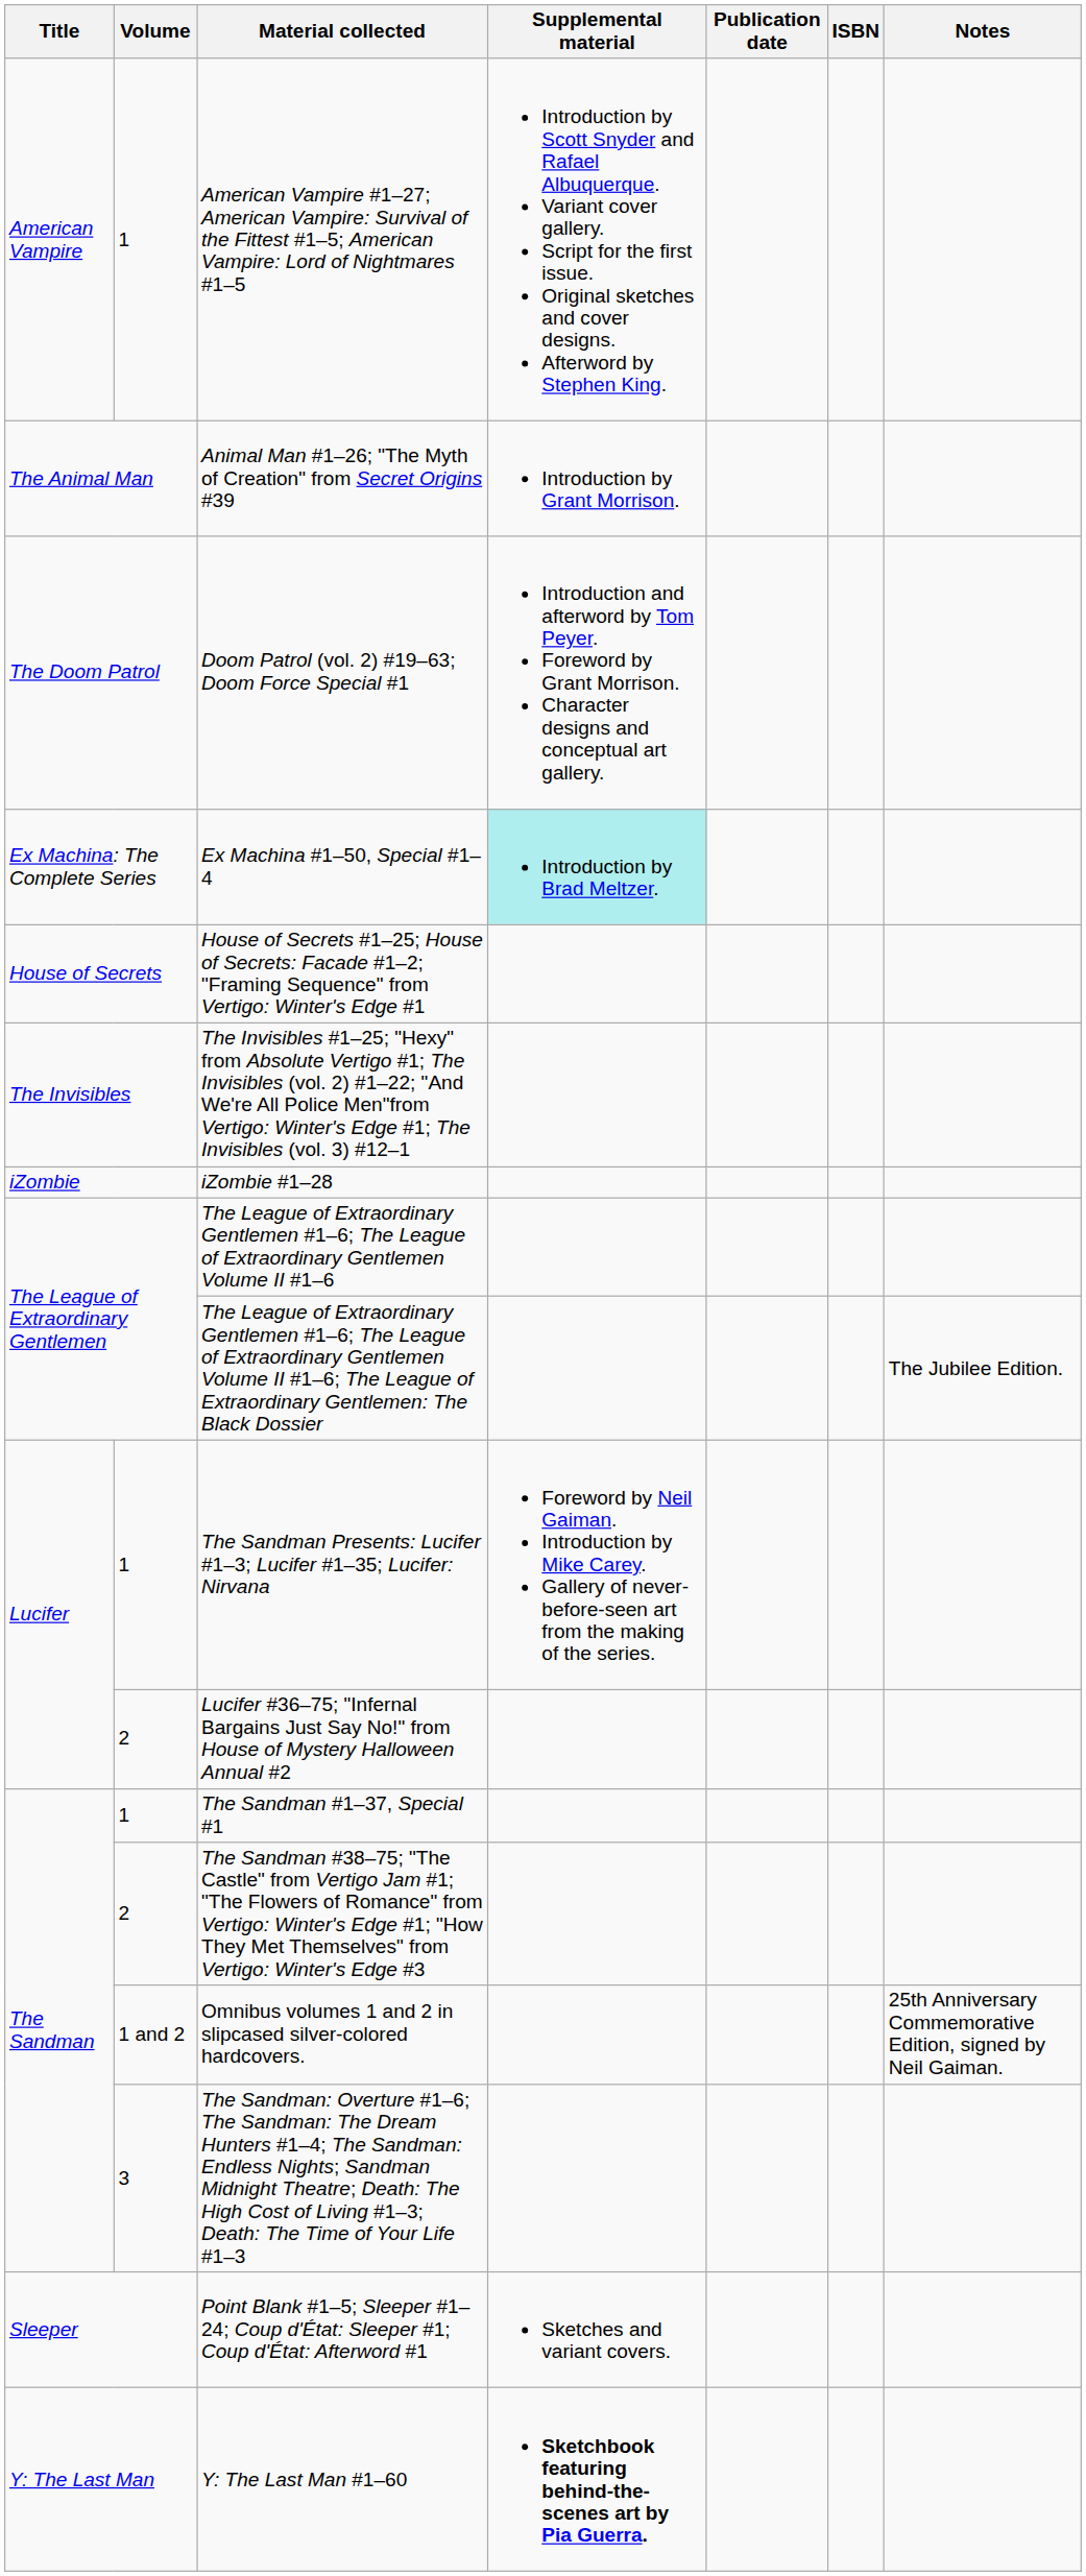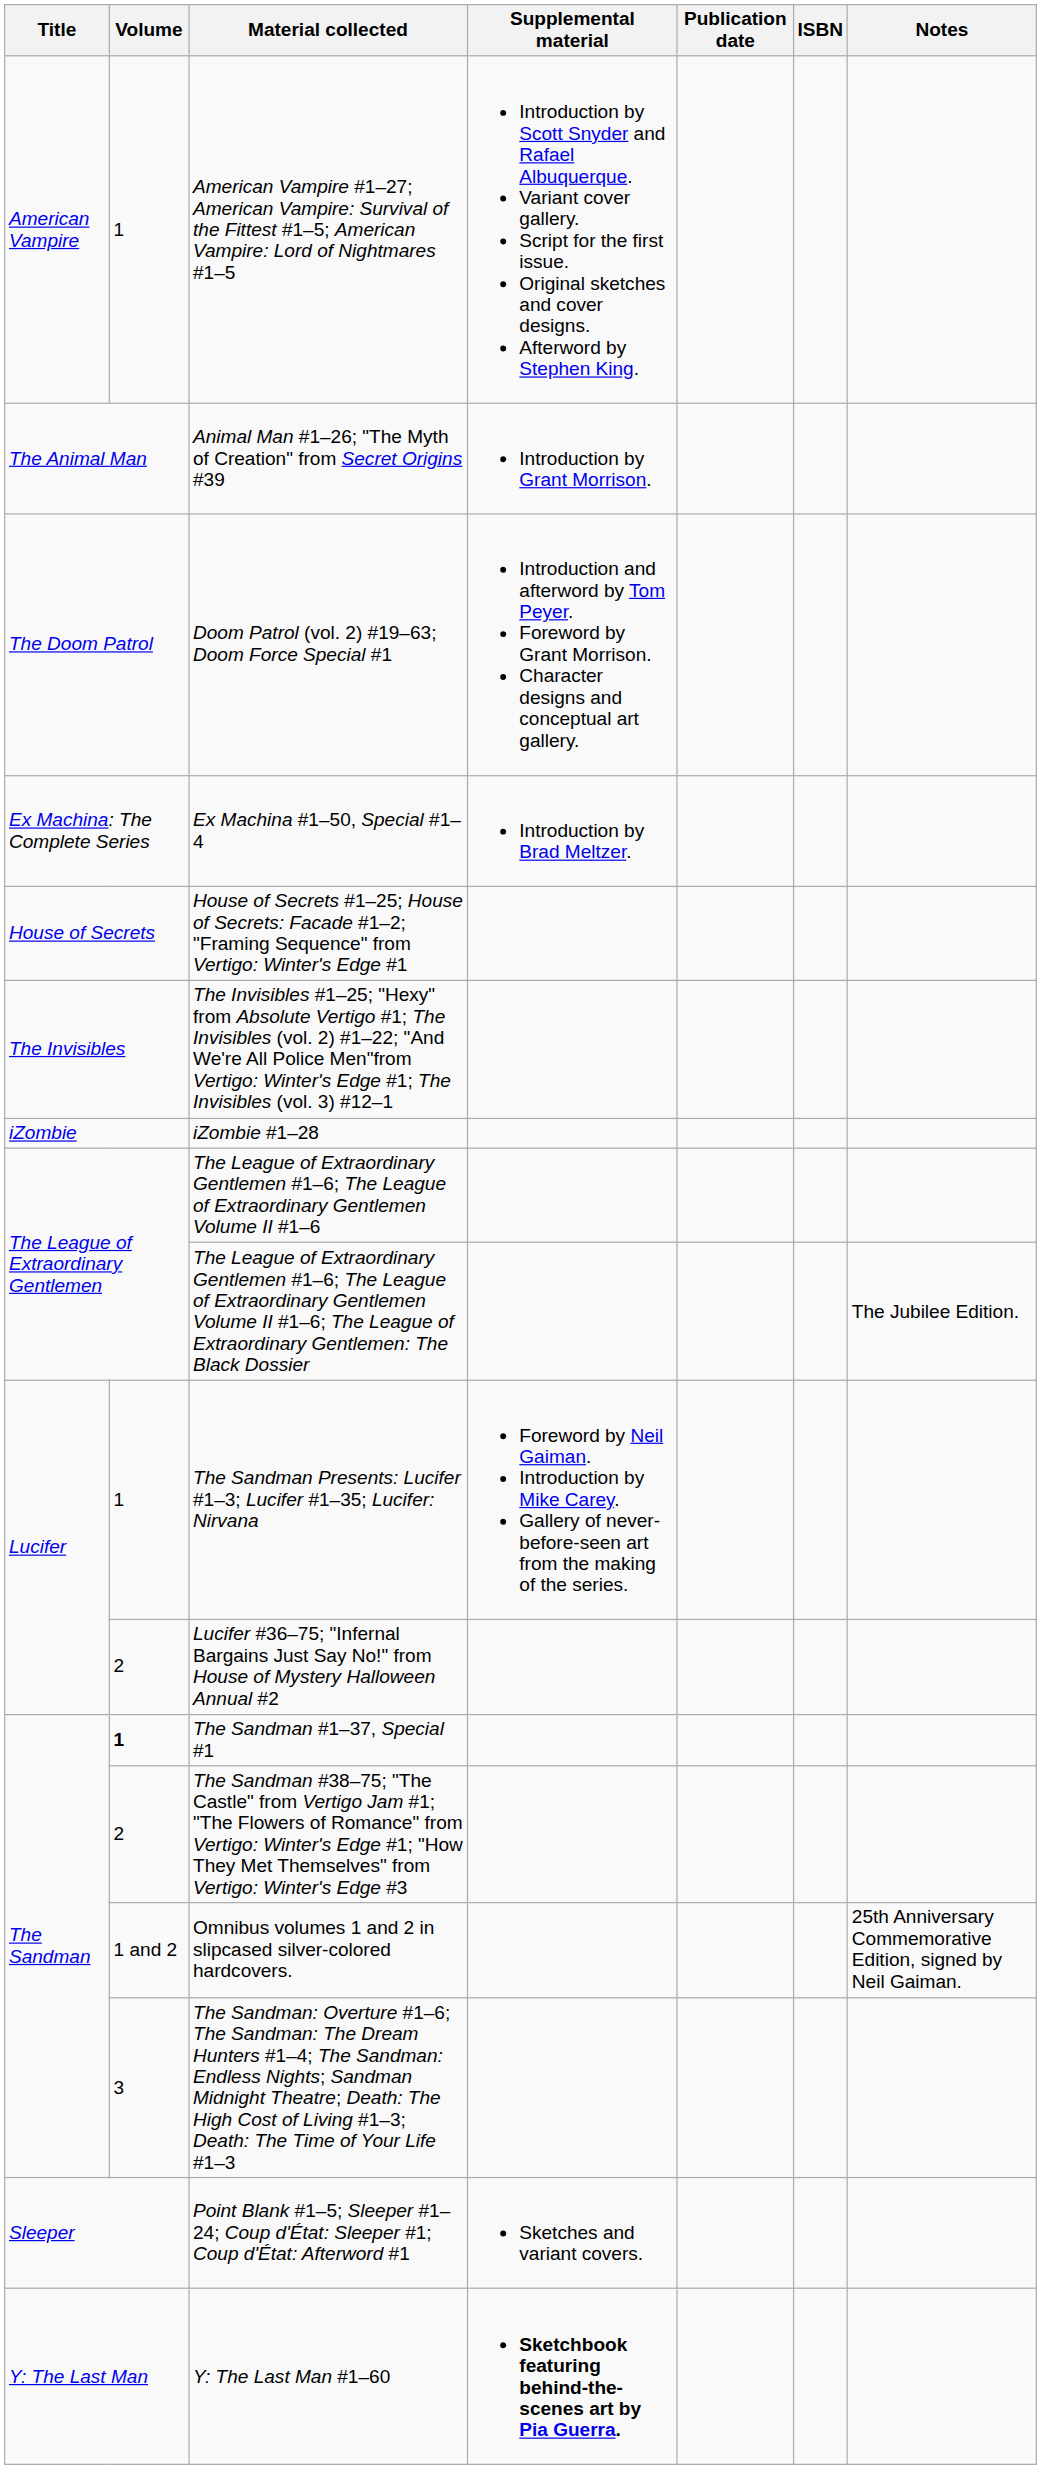 <table class="wikitable">
 <tr>
 <th>Title</th>
 <th>Volume</th>
 <th>Material collected</th>
 <th>Supplemental material</th>
 <th>Publication date</th>
 <th>ISBN</th>
 <th>Notes</th>
 </tr>
 <tr>
 <td><em><a href='#'>American Vampire</a></em></td>
 <td>1</td>
 <td><em>American Vampire</em> #1–27; <em>American Vampire: Survival of the Fittest</em> #1–5; <em>American Vampire: Lord of Nightmares</em> #1–5</td>
 <td><br><ul><li>Introduction by <a href='#'>Scott Snyder</a> and <a href='#'>Rafael Albuquerque</a>.</li><li>Variant cover gallery.</li><li>Script for the first issue.</li><li>Original sketches and cover designs.</li><li>Afterword by <a href='#'>Stephen King</a>.</li></ul></td>
 <td></td>
 <td></td>
 <td></td>
 </tr>
 <tr>
 <td colspan="2"><em><a href='#'>The Animal Man</a></em></td>
 <td><em>Animal Man</em> #1–26; "The Myth of Creation" from <em><a href='#'>Secret Origins</a></em> #39</td>
 <td><br><ul><li>Introduction by <a href='#'>Grant Morrison</a>.</li></ul></td>
 <td></td>
 <td></td>
 <td></td>
 </tr>
 <tr>
 <td colspan="2"><em><a href='#'>The Doom Patrol</a></em></td>
 <td><em>Doom Patrol</em> (vol. 2) #19–63; <em>Doom Force Special</em> #1</td>
 <td><br><ul><li>Introduction and afterword by <a href='#'>Tom Peyer</a>.</li><li>Foreword by Grant Morrison.</li><li>Character designs and conceptual art gallery.</li></ul></td>
 <td></td>
 <td></td>
 <td></td>
 </tr>
 <tr>
 <td colspan="2"><em><a href='#'>Ex Machina</a>: The Complete Series</em></td>
 <td><em>Ex Machina</em> #1–50, <em>Special</em> #1–4</td>
-<td style="background: paleturquoise;"><br><ul><li>Introduction by <a href='#'>Brad Meltzer</a>.</li></ul></td>
+<td><br><ul><li>Introduction by <a href='#'>Brad Meltzer</a>.</li></ul></td>
 <td></td>
 <td></td>
 <td></td>
 </tr>
 <tr>
 <td colspan="2"><em><a href='#'>House of Secrets</a></em></td>
 <td><em>House of Secrets</em> #1–25; <em>House of Secrets: Facade</em> #1–2; "Framing Sequence" from <em>Vertigo: Winter's Edge</em> #1</td>
 <td></td>
 <td></td>
 <td></td>
 <td></td>
 </tr>
 <tr>
 <td colspan="2"><em><a href='#'>The Invisibles</a></em></td>
 <td><em>The Invisibles</em> #1–25; "Hexy" from <em>Absolute Vertigo</em> #1; <em>The Invisibles</em> (vol. 2) #1–22; "And We're All Police Men"from <em>Vertigo: Winter's Edge</em> #1; <em>The Invisibles</em> (vol. 3) #12–1</td>
 <td></td>
 <td></td>
 <td></td>
 <td></td>
 </tr>
 <tr>
 <td colspan="2"><em><a href='#'>iZombie</a></em></td>
 <td><em>iZombie</em> #1–28</td>
 <td></td>
 <td></td>
 <td></td>
 <td></td>
 </tr>
 <tr>
 <td colspan="2" rowspan="2"><em><a href='#'>The League of Extraordinary Gentlemen</a></em></td>
 <td><em>The League of Extraordinary Gentlemen</em> #1–6; <em>The League of Extraordinary Gentlemen Volume II</em> #1–6</td>
 <td></td>
 <td></td>
 <td></td>
 <td></td>
 </tr>
 <tr>
 <td><em>The League of Extraordinary Gentlemen</em> #1–6; <em>The League of Extraordinary Gentlemen Volume II</em> #1–6; <em>The League of Extraordinary Gentlemen: The Black Dossier</em></td>
 <td></td>
 <td></td>
 <td></td>
 <td>The Jubilee Edition.</td>
 </tr>
 <tr>
 <td rowspan="2"><em><a href='#'>Lucifer</a></em></td>
 <td>1</td>
 <td><em>The Sandman Presents: Lucifer</em> #1–3; <em>Lucifer</em> #1–35; <em>Lucifer: Nirvana</em></td>
 <td><br><ul><li>Foreword by <a href='#'>Neil Gaiman</a>.</li><li>Introduction by <a href='#'>Mike Carey</a>.</li><li>Gallery of never-before-seen art from the making of the series.</li></ul></td>
 <td></td>
 <td></td>
 <td></td>
 </tr>
 <tr>
 <td>2</td>
 <td><em>Lucifer</em> #36–75; "Infernal Bargains Just Say No!" from <em>House of Mystery Halloween Annual</em> #2</td>
 <td></td>
 <td></td>
 <td></td>
 <td></td>
 </tr>
 <tr>
 <td rowspan="4"><em><a href='#'>The Sandman</a></em></td>
-<td>1</td>
+<td><strong>1</strong></td>
 <td><em>The Sandman</em> #1–37, <em>Special</em> #1</td>
 <td></td>
 <td></td>
 <td></td>
 <td></td>
 </tr>
 <tr>
 <td>2</td>
 <td><em>The Sandman</em> #38–75; "The Castle" from <em>Vertigo Jam</em> #1; "The Flowers of Romance" from <em>Vertigo: Winter's Edge</em> #1; "How They Met Themselves" from <em>Vertigo: Winter's Edge</em> #3</td>
 <td></td>
 <td></td>
 <td></td>
 <td></td>
 </tr>
 <tr>
 <td>1 and 2</td>
 <td>Omnibus volumes 1 and 2 in slipcased silver-colored hardcovers.</td>
 <td></td>
 <td></td>
 <td></td>
 <td>25th Anniversary Commemorative Edition, signed by Neil Gaiman.</td>
 </tr>
 <tr>
 <td>3</td>
 <td><em>The Sandman: Overture</em> #1–6; <em>The Sandman: The Dream Hunters</em> #1–4; <em>The Sandman: Endless Nights</em>; <em>Sandman Midnight Theatre</em>; <em>Death: The High Cost of Living</em> #1–3; <em>Death: The Time of Your Life</em> #1–3</td>
 <td></td>
 <td></td>
 <td></td>
 <td></td>
 </tr>
 <tr>
 <td colspan="2"><em><a href='#'>Sleeper</a></em></td>
 <td><em>Point Blank</em> #1–5; <em>Sleeper</em> #1–24; <em>Coup d'État: Sleeper</em> #1; <em>Coup d'État: Afterword</em> #1</td>
 <td><br><ul><li>Sketches and variant covers.</li></ul></td>
 <td></td>
 <td></td>
 <td></td>
 </tr>
 <tr>
 <td colspan="2"><em><a href='#'>Y: The Last Man</a></em></td>
 <td><em>Y: The Last Man</em> #1–60</td>
 <td><strong><br><ul><li>Sketchbook featuring behind-the-scenes art by <a href='#'>Pia Guerra</a>.</li></ul></strong></td>
 <td></td>
 <td></td>
 <td></td>
 </tr>
 </table>
